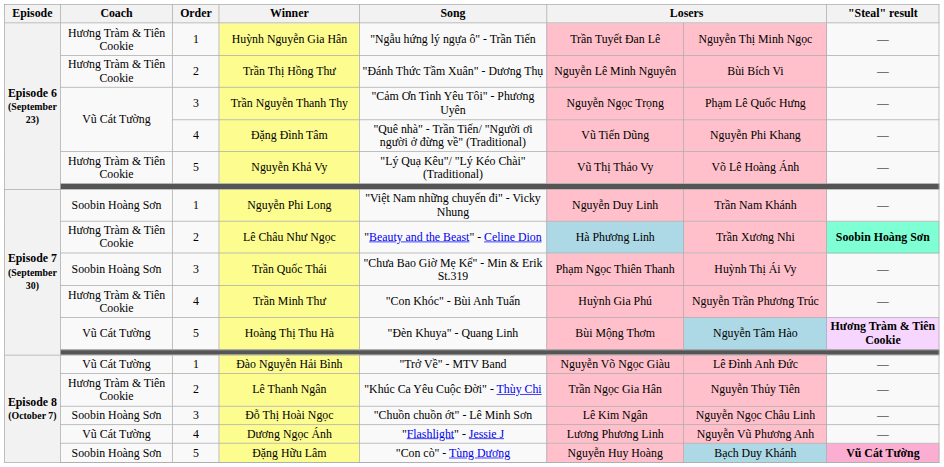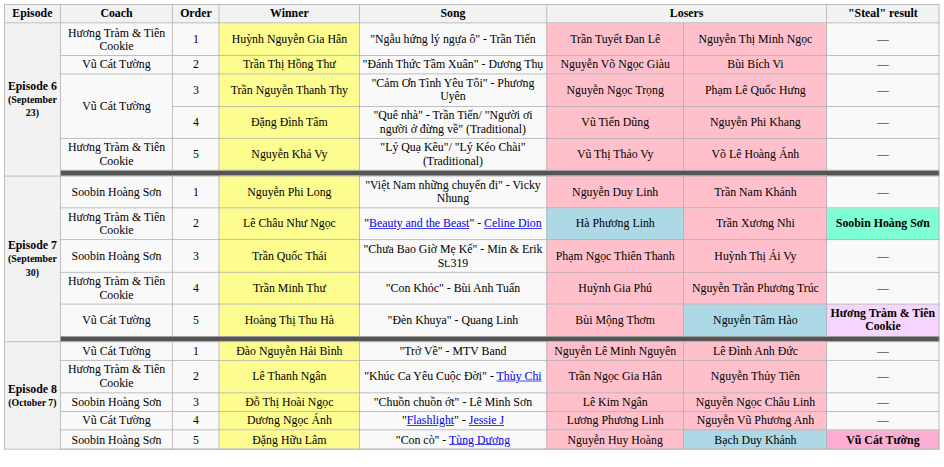 <table class="wikitable" style="text-align:center; width:100%;">
 <tr>
 <th style="width:6%;">Episode</th>
 <th style="width:12%;">Coach</th>
 <th style="width:05%;">Order</th>
 <th style="width:15%;">Winner</th>
 <th style="width:20%;">Song</th>
 <th style="width:30%;" colspan="2">Losers</th>
 <th style="width:12%;">"Steal" result</th>
 </tr>
 <tr>
 <th rowspan="6">Episode 6 <br><small>(September 23)</small></th>
 <td>Hương Tràm & Tiên Cookie</td>
 <td>1</td>
 <td style="background-color:#FDFC8F;">Huỳnh Nguyễn Gia Hân</td>
 <td>"Ngẫu hứng lý ngựa ô" - Trần Tiến</td>
 <td style="background-color:pink;">Trần Tuyết Đan Lê</td>
 <td style="background-color:pink;">Nguyễn Thị Minh Ngọc</td>
 <td>—</td>
 </tr>
 <tr>
-<td>Hương Tràm & Tiên Cookie</td>
+<td>Vũ Cát Tường</td>
 <td>2</td>
 <td style="background-color:#FDFC8F;">Trần Thị Hồng Thư</td>
 <td>"Đánh Thức Tầm Xuân" - Dương Thụ</td>
-<td style="background-color:pink;">Nguyễn Lê Minh Nguyên</td>
+<td style="background-color:pink;">Nguyễn Võ Ngọc Giàu</td>
 <td style="background-color:pink;">Bùi Bích Vi</td>
 <td>—</td>
 </tr>
 <tr>
 <td rowspan="2">Vũ Cát Tường</td>
 <td>3</td>
 <td style="background-color:#FDFC8F;">Trần Nguyễn Thanh Thy</td>
 <td>"Cảm Ơn Tình Yêu Tôi" - Phương Uyên</td>
 <td style="background-color:pink;">Nguyễn Ngọc Trọng</td>
 <td style="background-color:pink;">Phạm Lê Quốc Hưng</td>
 <td>—</td>
 </tr>
 <tr>
 <td>4</td>
 <td style="background-color:#FDFC8F;">Đặng Đình Tâm</td>
 <td>"Quê nhà" - Trần Tiến/ "Người ơi người ở đừng về" (Traditional)</td>
 <td style="background-color:pink;">Vũ Tiến Dũng</td>
 <td style="background-color:pink;">Nguyễn Phi Khang</td>
 <td>—</td>
 </tr>
 <tr>
 <td>Hương Tràm & Tiên Cookie</td>
 <td>5</td>
 <td style="background-color:#FDFC8F;">Nguyễn Khả Vy</td>
 <td>"Lý Quạ Kêu"/ "Lý Kéo Chài" (Traditional)</td>
 <td style="background-color:pink;">Vũ Thị Thảo Vy</td>
 <td style="background-color:pink;">Võ Lê Hoàng Ánh</td>
 <td>—</td>
 </tr>
 <tr>
 <td colspan="7" style="background:#555;"></td>
 </tr>
 <tr>
 <th rowspan="6">Episode 7 <br><small>(September 30)</small></th>
 <td>Soobin Hoàng Sơn</td>
 <td>1</td>
 <td style="background-color:#FDFC8F;">Nguyễn Phi Long</td>
 <td>"Việt Nam những chuyến đi" - Vicky Nhung</td>
 <td style="background-color:pink;">Nguyễn Duy Linh</td>
 <td style="background-color:pink;">Trần Nam Khánh</td>
 <td>—</td>
 </tr>
 <tr>
 <td>Hương Tràm & Tiên Cookie</td>
 <td>2</td>
 <td style="background-color:#FDFC8F;">Lê Châu Như Ngọc</td>
 <td>"<a href='#'>Beauty and the Beast</a>" - <a href='#'>Celine Dion</a></td>
 <td style="background-color:lightblue;">Hà Phương Linh</td>
 <td style="background-color:pink;">Trần Xương Nhi</td>
 <td bgcolor="#7FFFD4"><strong>Soobin Hoàng Sơn</strong></td>
 </tr>
 <tr>
 <td>Soobin Hoàng Sơn</td>
 <td>3</td>
 <td style="background-color:#FDFC8F;">Trần Quốc Thái</td>
 <td>"Chưa Bao Giờ Mẹ Kể" - Min & Erik St.319</td>
 <td style="background-color:pink;">Phạm Ngọc Thiên Thanh</td>
 <td style="background-color:pink;">Huỳnh Thị Ái Vy</td>
 <td>—</td>
 </tr>
 <tr>
 <td>Hương Tràm & Tiên Cookie</td>
 <td>4</td>
 <td style="background-color:#FDFC8F;">Trần Minh Thư</td>
 <td>"Con Khóc" - Bùi Anh Tuấn</td>
 <td style="background-color:pink;">Huỳnh Gia Phú</td>
 <td style="background-color:pink;">Nguyễn Trần Phương Trúc</td>
 <td>—</td>
 </tr>
 <tr>
 <td>Vũ Cát Tường</td>
 <td>5</td>
 <td style="background-color:#FDFC8F;">Hoàng Thị Thu Hà</td>
 <td>"Đèn Khuya" - Quang Linh</td>
 <td style="background-color:pink;">Bùi Mộng Thơm</td>
 <td style="background-color:lightblue;">Nguyễn Tâm Hào</td>
 <td bgcolor="#F6D6FE"><strong>Hương Tràm & Tiên Cookie</strong></td>
 </tr>
 <tr>
 <td colspan="7" style="background:#555;"></td>
 </tr>
 <tr>
 <th rowspan="6">Episode 8 <br><small>(October 7)</small></th>
 <td>Vũ Cát Tường</td>
 <td>1</td>
 <td style="background-color:#FDFC8F;">Đào Nguyễn Hải Bình</td>
 <td>"Trở Về" - MTV Band</td>
-<td style="background-color:pink;">Nguyễn Võ Ngọc Giàu</td>
+<td style="background-color:pink;">Nguyễn Lê Minh Nguyên</td>
 <td style="background-color:pink;">Lê Đình Anh Đức</td>
 <td>—</td>
 </tr>
 <tr>
 <td>Hương Tràm & Tiên Cookie</td>
 <td>2</td>
 <td style="background-color:#FDFC8F;">Lê Thanh Ngân</td>
 <td>"Khúc Ca Yêu Cuộc Đời" - <a href='#'>Thùy Chi</a></td>
 <td style="background-color:pink;">Trần Ngọc Gia Hân</td>
 <td style="background-color:pink;">Nguyễn Thủy Tiên</td>
 <td>—</td>
 </tr>
 <tr>
 <td>Soobin Hoàng Sơn</td>
 <td>3</td>
 <td style="background-color:#FDFC8F;">Đỗ Thị Hoài Ngọc</td>
 <td>"Chuồn chuồn ớt" - Lê Minh Sơn</td>
 <td style="background-color:pink;">Lê Kim Ngân</td>
 <td style="background-color:pink;">Nguyễn Ngọc Châu Linh</td>
 <td>—</td>
 </tr>
 <tr>
 <td>Vũ Cát Tường</td>
 <td>4</td>
 <td style="background-color:#FDFC8F;">Dương Ngọc Ánh</td>
 <td>"<a href='#'>Flashlight</a>" - <a href='#'>Jessie J</a></td>
 <td style="background-color:pink;">Lương Phương Linh</td>
 <td style="background-color:pink;">Nguyễn Vũ Phương Anh</td>
 <td>—</td>
 </tr>
 <tr>
 <td>Soobin Hoàng Sơn</td>
 <td>5</td>
 <td style="background-color:#FDFC8F;">Đặng Hữu Lâm</td>
 <td>"Con cò" - <a href='#'>Tùng Dương</a></td>
 <td style="background-color:pink;">Nguyễn Huy Hoàng</td>
 <td style="background-color:lightblue;">Bạch Duy Khánh</td>
 <td bgcolor="#FBAED2"><strong>Vũ Cát Tường</strong></td>
 </tr>
 <tr>
 </tr>
 </table>
